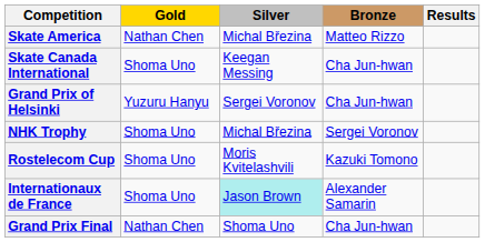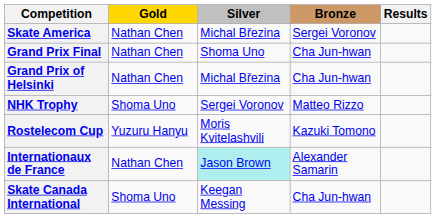 <table class="wikitable unsortable" style="text-align:left; width:90%">
 <tr>
 <th scope="col" style="text-align:center; width:25%;">Competition</th>
 <td scope="col" style="text-align:center; width:22.5%; background:gold"><strong>Gold</strong></td>
 <td scope="col" style="text-align:center; width:22.5%; background:silver"><strong>Silver</strong></td>
 <td scope="col" style="text-align:center; width:22.5%; background:#c96"><strong>Bronze</strong></td>
 <th scope="col" style="text-align:center; width:7.5%;">Results</th>
 </tr>
 <tr>
 <th scope="row" style="text-align:left"> <a href='#'>Skate America</a></th>
 <td> <a href='#'>Nathan Chen</a></td>
 <td> <a href='#'>Michal Březina</a></td>
+<td> <a href='#'>Sergei Voronov</a></td>
+<td></td>
+</tr>
+<tr>
+<th scope="row" style="text-align:left"> <a href='#'>Grand Prix Final</a></th>
+<td> <a href='#'>Nathan Chen</a></td>
+<td> <a href='#'>Shoma Uno</a></td>
+<td> <a href='#'>Cha Jun-hwan</a></td>
+<td></td>
+</tr>
+<tr>
+<th scope="row" style="text-align:left"> <a href='#'>Grand Prix of Helsinki</a></th>
+<td> <a href='#'>Nathan Chen</a></td>
+<td> <a href='#'>Michal Březina</a></td>
+<td> <a href='#'>Cha Jun-hwan</a></td>
+<td></td>
+</tr>
+<tr>
+<th scope="row" style="text-align:left"> <a href='#'>NHK Trophy</a></th>
+<td> <a href='#'>Shoma Uno</a></td>
+<td> <a href='#'>Sergei Voronov</a></td>
 <td> <a href='#'>Matteo Rizzo</a></td>
+<td></td>
+</tr>
+<tr>
+<th scope="row" style="text-align:left"> <a href='#'>Rostelecom Cup</a></th>
+<td> <a href='#'>Yuzuru Hanyu</a></td>
+<td> <a href='#'>Moris Kvitelashvili</a></td>
+<td> <a href='#'>Kazuki Tomono</a></td>
+<td></td>
+</tr>
+<tr>
+<th scope="row" style="text-align:left"> <a href='#'>Internationaux de France</a></th>
+<td> <a href='#'>Nathan Chen</a></td>
+<td style="background: paleturquoise;"> <a href='#'>Jason Brown</a></td>
+<td> <a href='#'>Alexander Samarin</a></td>
 <td></td>
 </tr>
 <tr>
 <th scope="row" style="text-align:left"> <a href='#'>Skate Canada International</a></th>
 <td> <a href='#'>Shoma Uno</a></td>
 <td> <a href='#'>Keegan Messing</a></td>
 <td> <a href='#'>Cha Jun-hwan</a></td>
 <td></td>
 </tr>
-<tr>
-<th scope="row" style="text-align:left"> <a href='#'>Grand Prix of Helsinki</a></th>
-<td> <a href='#'>Yuzuru Hanyu</a></td>
-<td> <a href='#'>Sergei Voronov</a></td>
-<td> <a href='#'>Cha Jun-hwan</a></td>
-<td></td>
-</tr>
-<tr>
-<th scope="row" style="text-align:left"> <a href='#'>NHK Trophy</a></th>
-<td> <a href='#'>Shoma Uno</a></td>
-<td> <a href='#'>Michal Březina</a></td>
-<td> <a href='#'>Sergei Voronov</a></td>
-<td></td>
-</tr>
-<tr>
-<th scope="row" style="text-align:left"> <a href='#'>Rostelecom Cup</a></th>
-<td> <a href='#'>Shoma Uno</a></td>
-<td> <a href='#'>Moris Kvitelashvili</a></td>
-<td> <a href='#'>Kazuki Tomono</a></td>
-<td></td>
-</tr>
-<tr>
-<th scope="row" style="text-align:left"> <a href='#'>Internationaux de France</a></th>
-<td> <a href='#'>Shoma Uno</a></td>
-<td style="background: paleturquoise;"> <a href='#'>Jason Brown</a></td>
-<td> <a href='#'>Alexander Samarin</a></td>
-<td></td>
-</tr>
-<tr>
-<th scope="row" style="text-align:left"> <a href='#'>Grand Prix Final</a></th>
-<td> <a href='#'>Nathan Chen</a></td>
-<td> <a href='#'>Shoma Uno</a></td>
-<td> <a href='#'>Cha Jun-hwan</a></td>
-<td></td>
-</tr>
 </table>
